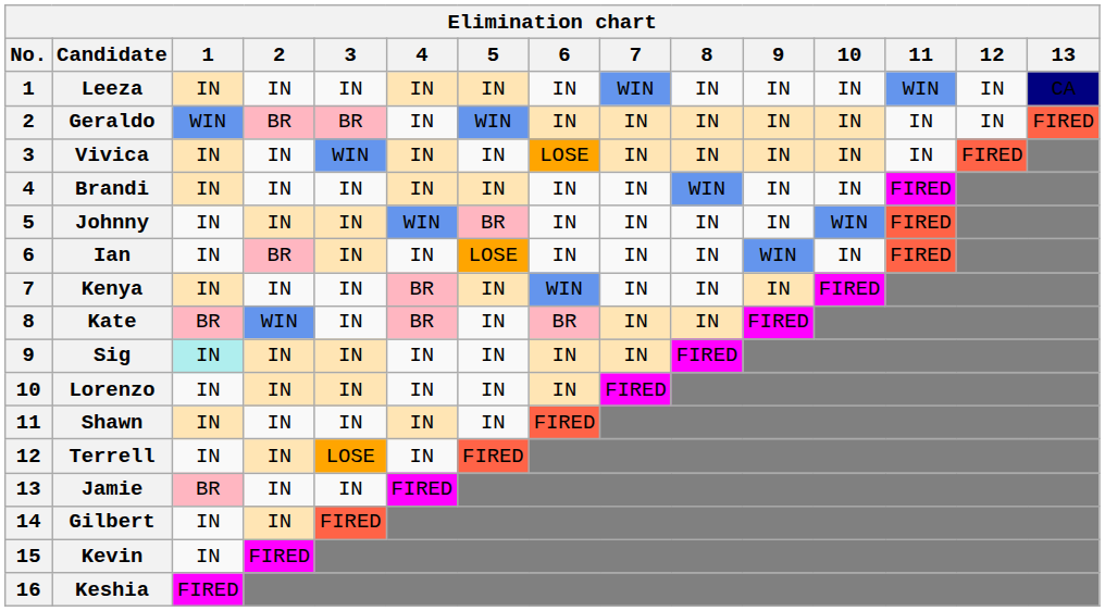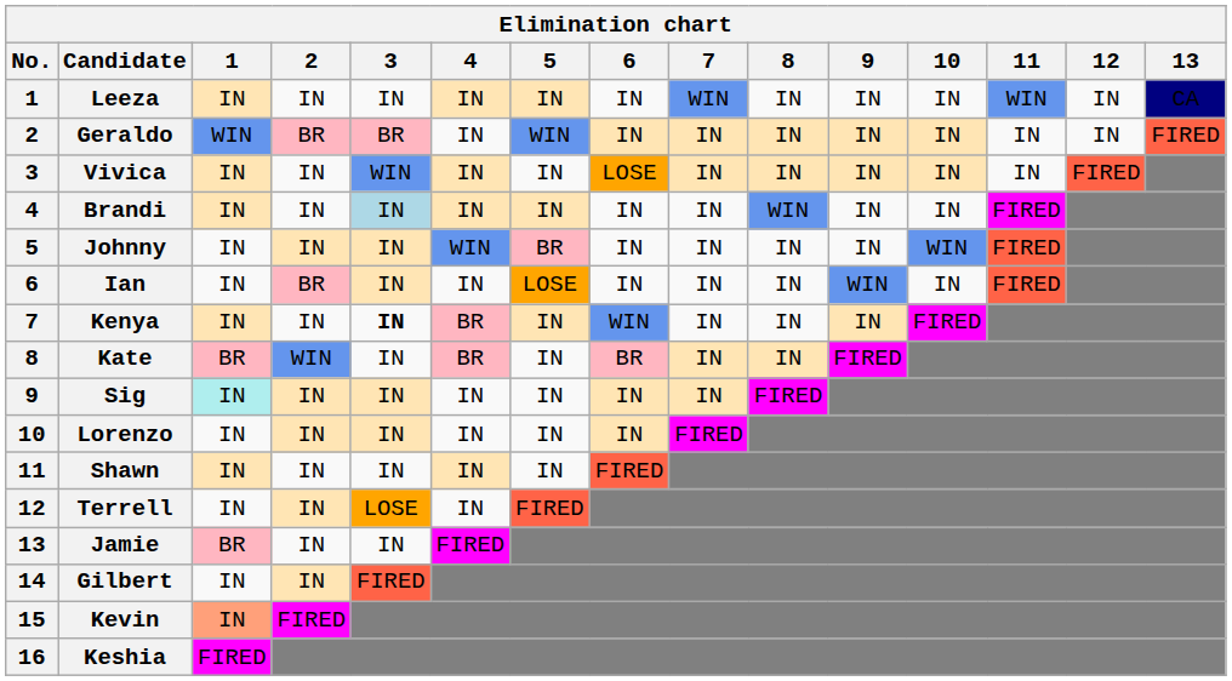 <table class="wikitable" style="text-align:center">
 <tr>
 <th colspan="15">Elimination chart</th>
 </tr>
 <tr>
 <th>No.</th>
 <th>Candidate</th>
 <th>1</th>
 <th>2</th>
 <th>3</th>
 <th>4</th>
 <th>5</th>
 <th>6</th>
 <th>7</th>
 <th>8</th>
 <th>9</th>
 <th>10</th>
 <th>11</th>
 <th>12</th>
 <th>13</th>
 </tr>
 <tr>
 <th>1</th>
 <th>Leeza</th>
 <td style="background:#FFE5B4;">IN</td>
 <td>IN</td>
 <td>IN</td>
 <td style="background:#FFE5B4;">IN</td>
 <td style="background:#FFE5B4;">IN</td>
 <td>IN</td>
 <td style="background:cornflowerblue;">WIN</td>
 <td>IN</td>
 <td>IN</td>
 <td>IN</td>
 <td style="background:cornflowerblue;">WIN</td>
 <td>IN</td>
 <td style="background:navy;"><span> CA </span></td>
 </tr>
 <tr>
 <th>2</th>
 <th>Geraldo</th>
 <td style="background:cornflowerblue;">WIN</td>
 <td style="background:lightpink;">BR</td>
 <td style="background:lightpink;">BR</td>
 <td>IN</td>
 <td style="background:cornflowerblue;">WIN</td>
 <td style="background:#FFE5B4;">IN</td>
 <td style="background:#FFE5B4;">IN</td>
 <td style="background:#FFE5B4;">IN</td>
 <td style="background:#FFE5B4;">IN</td>
 <td style="background:#FFE5B4;">IN</td>
 <td>IN</td>
 <td>IN</td>
 <td style="background:tomato;">FIRED</td>
 </tr>
 <tr>
 <th>3</th>
 <th>Vivica</th>
 <td style="background:#FFE5B4;">IN</td>
 <td>IN</td>
 <td style="background:cornflowerblue;">WIN</td>
 <td style="background:#FFE5B4;">IN</td>
 <td>IN</td>
 <td style="background:orange;">LOSE</td>
 <td style="background:#FFE5B4;">IN</td>
 <td style="background:#FFE5B4;">IN</td>
 <td style="background:#FFE5B4;">IN</td>
 <td style="background:#FFE5B4;">IN</td>
 <td>IN</td>
 <td style="background:tomato;">FIRED</td>
 <td style="background:gray"></td>
 </tr>
 <tr>
 <th>4</th>
 <th>Brandi</th>
 <td style="background:#FFE5B4;">IN</td>
 <td>IN</td>
-<td>IN</td>
+<td style="background: lightblue;">IN</td>
 <td style="background:#FFE5B4;">IN</td>
 <td style="background:#FFE5B4;">IN</td>
 <td>IN</td>
 <td>IN</td>
 <td style="background:cornflowerblue;">WIN</td>
 <td>IN</td>
 <td>IN</td>
 <td style="background:magenta;">FIRED</td>
 <td colspan="2" style="background:gray"></td>
 </tr>
 <tr>
 <th>5</th>
 <th>Johnny</th>
 <td>IN</td>
 <td style="background:#FFE5B4;">IN</td>
 <td style="background:#FFE5B4;">IN</td>
 <td style="background:cornflowerblue;">WIN</td>
 <td style="background:lightpink;">BR</td>
 <td>IN</td>
 <td>IN</td>
 <td>IN</td>
 <td>IN</td>
 <td style="background:cornflowerblue;">WIN</td>
 <td style="background:tomato;">FIRED</td>
 <td colspan="2" style="background:gray"></td>
 </tr>
 <tr>
 <th>6</th>
 <th>Ian</th>
 <td>IN</td>
 <td style="background:lightpink;">BR</td>
 <td style="background:#FFE5B4;">IN</td>
 <td>IN</td>
 <td style="background:orange;">LOSE</td>
 <td>IN</td>
 <td>IN</td>
 <td>IN</td>
 <td style="background:cornflowerblue;">WIN</td>
 <td>IN</td>
 <td style="background:tomato;">FIRED</td>
 <td colspan="2" style="background:gray"></td>
 </tr>
 <tr>
 <th>7</th>
 <th>Kenya</th>
 <td style="background:#FFE5B4;">IN</td>
 <td>IN</td>
-<td>IN</td>
+<td><strong>IN</strong></td>
 <td style="background:lightpink;">BR</td>
 <td style="background:#FFE5B4;">IN</td>
 <td style="background:cornflowerblue;">WIN</td>
 <td>IN</td>
 <td>IN</td>
 <td style="background:#FFE5B4;">IN</td>
 <td style="background:magenta;">FIRED</td>
 <td colspan="3" style="background:gray"></td>
 </tr>
 <tr>
 <th>8</th>
 <th>Kate</th>
 <td style="background:lightpink;">BR</td>
 <td style="background:cornflowerblue;">WIN</td>
 <td>IN</td>
 <td style="background:lightpink;">BR</td>
 <td>IN</td>
 <td style="background:lightpink;">BR</td>
 <td style="background:#FFE5B4;">IN</td>
 <td style="background:#FFE5B4;">IN</td>
 <td style="background:magenta;">FIRED</td>
 <td colspan="4" style="background:gray"></td>
 </tr>
 <tr>
 <th>9</th>
 <th>Sig</th>
 <td style="background: paleturquoise;">IN</td>
 <td style="background:#FFE5B4;">IN</td>
 <td style="background:#FFE5B4;">IN</td>
 <td>IN</td>
 <td>IN</td>
 <td style="background:#FFE5B4;">IN</td>
 <td style="background:#FFE5B4;">IN</td>
 <td style="background:magenta;">FIRED</td>
 <td colspan="5" style="background:gray"></td>
 </tr>
 <tr>
 <th>10</th>
 <th>Lorenzo</th>
 <td>IN</td>
 <td style="background:#FFE5B4;">IN</td>
 <td style="background:#FFE5B4;">IN</td>
 <td>IN</td>
 <td>IN</td>
 <td style="background:#FFE5B4;">IN</td>
 <td style="background:magenta;">FIRED</td>
 <td colspan="6" style="background:gray"></td>
 </tr>
 <tr>
 <th>11</th>
 <th>Shawn</th>
 <td style="background:#FFE5B4;">IN</td>
 <td>IN</td>
 <td>IN</td>
 <td style="background:#FFE5B4;">IN</td>
 <td>IN</td>
 <td style="background:tomato;">FIRED</td>
 <td colspan="7" style="background:gray"></td>
 </tr>
 <tr>
 <th>12</th>
 <th>Terrell</th>
 <td>IN</td>
 <td style="background:#FFE5B4;">IN</td>
 <td style="background:orange;">LOSE</td>
 <td>IN</td>
 <td style="background:tomato;">FIRED</td>
 <td colspan="8" style="background:gray"></td>
 </tr>
 <tr>
 <th>13</th>
 <th>Jamie</th>
 <td style="background:lightpink;">BR</td>
 <td>IN</td>
 <td>IN</td>
 <td style="background:magenta;">FIRED</td>
 <td colspan="9" style="background:gray"></td>
 </tr>
 <tr>
 <th>14</th>
 <th>Gilbert</th>
 <td>IN</td>
 <td style="background:#FFE5B4;">IN</td>
 <td style="background:tomato;">FIRED</td>
 <td colspan="10" style="background:gray"></td>
 </tr>
 <tr>
 <th>15</th>
 <th>Kevin</th>
-<td>IN</td>
+<td style="background: lightsalmon;">IN</td>
 <td style="background:magenta;">FIRED</td>
 <td colspan="11" style="background:gray"></td>
 </tr>
 <tr>
 <th>16</th>
 <th>Keshia</th>
 <td style="background:magenta;">FIRED</td>
 <td colspan="12" style="background:gray"></td>
 </tr>
 </table>
